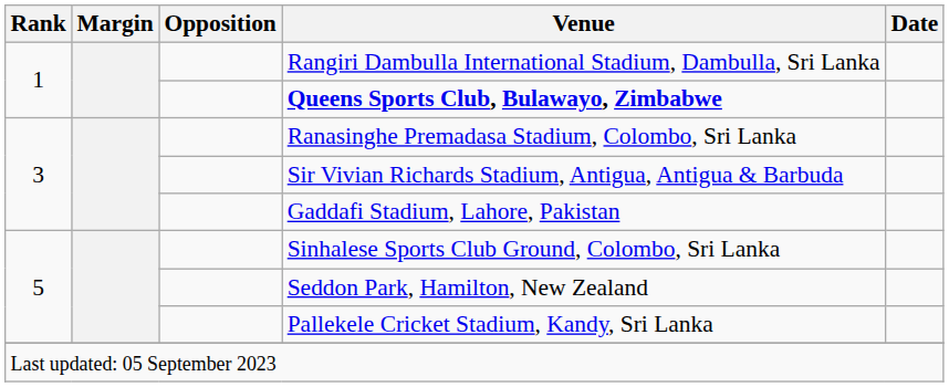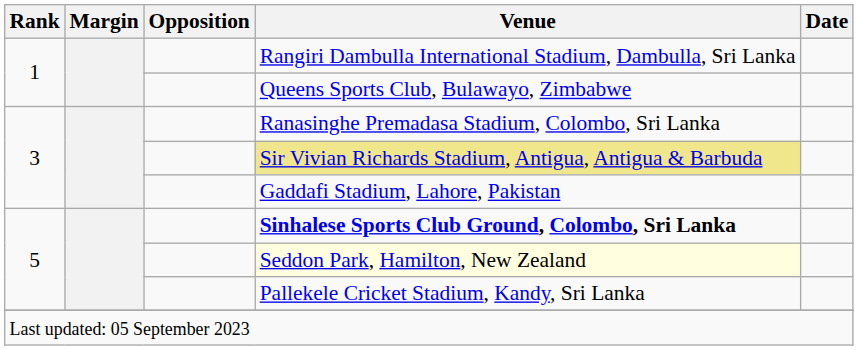 <table class="wikitable plainrowheaders sortable">
 <tr>
 <th scope=col>Rank</th>
 <th scope=col>Margin</th>
 <th scope=col>Opposition</th>
 <th scope=col>Venue</th>
 <th scope=col>Date</th>
 </tr>
 <tr>
 <td align=center rowspan=2>1</td>
 <th scope=row style=text-align:center; rowspan=2></th>
 <td></td>
 <td><a href='#'>Rangiri Dambulla International Stadium</a>, <a href='#'>Dambulla</a>, Sri Lanka</td>
 <td></td>
 </tr>
 <tr>
 <td></td>
-<td><strong><a href='#'>Queens Sports Club</a>, <a href='#'>Bulawayo</a>, <a href='#'>Zimbabwe</a></strong></td>
+<td><a href='#'>Queens Sports Club</a>, <a href='#'>Bulawayo</a>, <a href='#'>Zimbabwe</a></td>
 <td></td>
 </tr>
 <tr>
 <td rowspan="3" align="center">3</td>
 <th rowspan="3" scope="row" style="text-align:center;"></th>
 <td></td>
 <td><a href='#'>Ranasinghe Premadasa Stadium</a>, <a href='#'>Colombo</a>, Sri Lanka</td>
 <td></td>
 </tr>
 <tr>
 <td></td>
-<td><a href='#'>Sir Vivian Richards Stadium</a>, <a href='#'>Antigua</a>, <a href='#'>Antigua & Barbuda</a></td>
+<td style="background: khaki;"><a href='#'>Sir Vivian Richards Stadium</a>, <a href='#'>Antigua</a>, <a href='#'>Antigua & Barbuda</a></td>
 <td> </td>
 </tr>
 <tr>
 <td></td>
 <td><a href='#'>Gaddafi Stadium</a>, <a href='#'>Lahore</a>, <a href='#'>Pakistan</a></td>
 <td></td>
 </tr>
 <tr>
 <td rowspan="3" align="center">5</td>
 <th rowspan="3" scope="row" style="text-align:center;"></th>
 <td></td>
-<td><a href='#'>Sinhalese Sports Club Ground</a>, <a href='#'>Colombo</a>, Sri Lanka</td>
+<td><strong><a href='#'>Sinhalese Sports Club Ground</a>, <a href='#'>Colombo</a>, Sri Lanka</strong></td>
 <td></td>
 </tr>
 <tr>
 <td></td>
-<td><a href='#'>Seddon Park</a>, <a href='#'>Hamilton</a>, New Zealand</td>
+<td style="background: lightyellow;"><a href='#'>Seddon Park</a>, <a href='#'>Hamilton</a>, New Zealand</td>
 <td></td>
 </tr>
 <tr>
 <td></td>
 <td><a href='#'>Pallekele Cricket Stadium</a>, <a href='#'>Kandy</a>, Sri Lanka</td>
 <td></td>
 </tr>
 <tr>
 </tr>
 <tr class=sortbottom>
 <td colspan=5><small>Last updated: 05 September 2023</small></td>
 </tr>
 </table>
